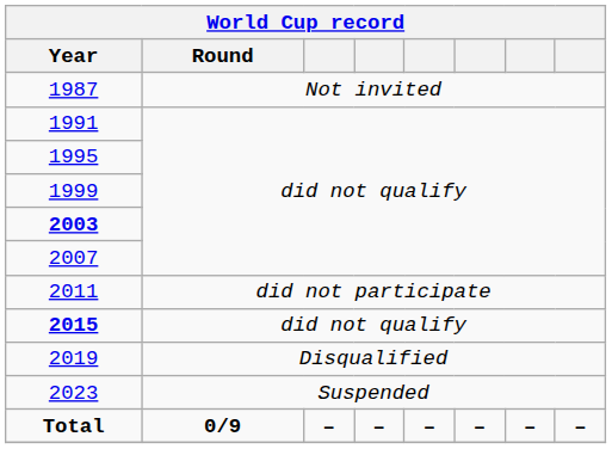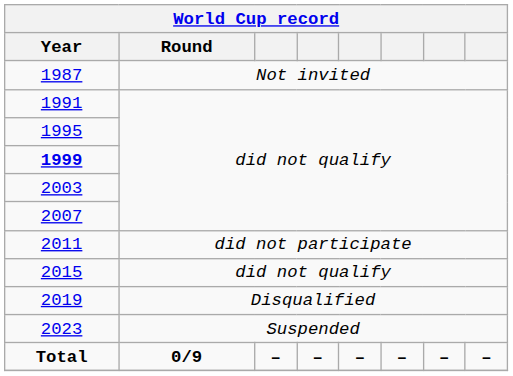 <table class=wikitable style=text-align:center width=30%>
 <tr>
 <th colspan=8><a href='#'>World Cup record</a></th>
 </tr>
 <tr>
 <th>Year</th>
 <th>Round</th>
 <th></th>
 <th></th>
 <th></th>
 <th></th>
 <th></th>
 <th></th>
 </tr>
 <tr>
 <td> <a href='#'>1987</a></td>
 <td colspan=7><em>Not invited</em></td>
 </tr>
 <tr>
 <td> <a href='#'>1991</a></td>
 <td colspan=7 rowspan=5><em>did not qualify</em></td>
 </tr>
 <tr>
 <td> <a href='#'>1995</a></td>
 </tr>
 <tr>
-<td> <a href='#'>1999</a></td>
+<td><strong> <a href='#'>1999</a></strong></td>
 </tr>
 <tr>
-<td><strong> <a href='#'>2003</a></strong></td>
+<td> <a href='#'>2003</a></td>
 </tr>
 <tr>
 <td> <a href='#'>2007</a></td>
 </tr>
 <tr>
 <td> <a href='#'>2011</a></td>
 <td colspan=7><em>did not participate</em></td>
 </tr>
 <tr>
-<td><strong> <a href='#'>2015</a></strong></td>
+<td> <a href='#'>2015</a></td>
 <td colspan=7><em>did not qualify</em></td>
 </tr>
 <tr>
 <td> <a href='#'>2019</a></td>
 <td colspan=7><em>Disqualified</em></td>
 </tr>
 <tr>
 <td> <a href='#'>2023</a></td>
 <td colspan=7><em>Suspended</em></td>
 </tr>
 <tr>
 <td><strong>Total</strong></td>
 <td><strong>0/9</strong></td>
 <td><strong>–</strong></td>
 <td><strong>–</strong></td>
 <td><strong>–</strong></td>
 <td><strong>–</strong></td>
 <td><strong>–</strong></td>
 <td><strong>–</strong></td>
 </tr>
 <tr>
 </tr>
 </table>
